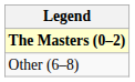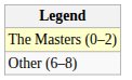 <table class="wikitable">
 <tr>
 <th>Legend</th>
 </tr>
 <tr bgcolor="ffffcc">
-<td><strong>The Masters (0–2)</strong></td>
+<td>The Masters (0–2)</td>
 </tr>
 <tr>
 <td>Other (6–8)</td>
 </tr>
 </table>
